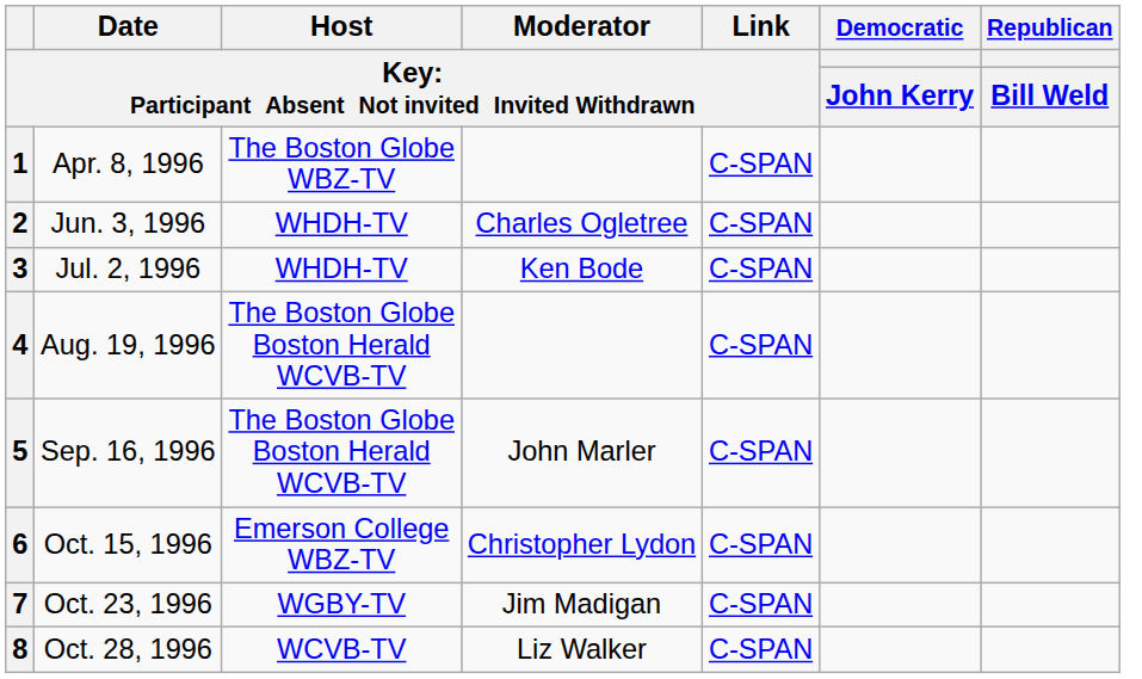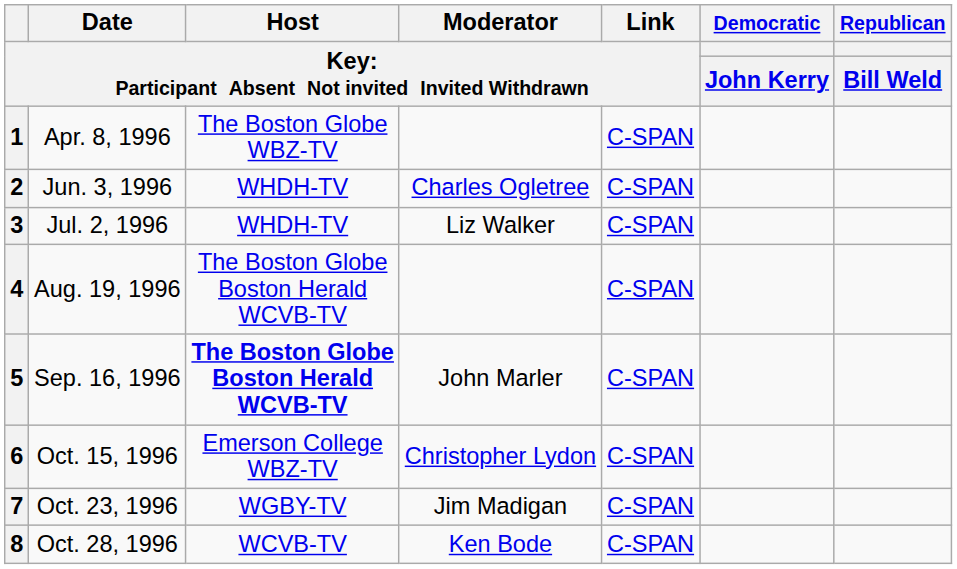 <table class="wikitable" style="text-align:center;">
 <tr>
 <th scope="col"></th>
 <th scope="col">Date</th>
 <th scope="col">Host</th>
 <th scope="col">Moderator</th>
 <th scope="col">Link</th>
 <th scope="col"><small><a href='#'>Democratic</a></small></th>
 <th scope="col"><small><a href='#'>Republican</a></small></th>
 </tr>
 <tr>
 <th colspan="5" rowspan="2">Key:<br> <small>Participant </small>  <small>Absent </small>  <small>Not invited </small>  <small>Invited  Withdrawn</small></th>
 <th scope="col" style="background:"></th>
 <th scope="col" style="background:"></th>
 </tr>
 <tr>
 <th scope="col"><a href='#'>John Kerry</a></th>
 <th scope="col"><a href='#'>Bill Weld</a></th>
 </tr>
 <tr>
 <th>1</th>
 <td style="white-space:nowrap;">Apr. 8, 1996</td>
 <td style="white-space:nowrap;"><a href='#'>The Boston Globe</a><br><a href='#'>WBZ-TV</a></td>
 <td style="white-space:nowrap;"></td>
 <td style="white-space:nowrap;"><a href='#'>C-SPAN</a></td>
 <td></td>
 <td></td>
 </tr>
 <tr>
 <th>2</th>
 <td style="white-space:nowrap;">Jun. 3, 1996</td>
 <td style="white-space:nowrap;"><a href='#'>WHDH-TV</a></td>
 <td style="white-space:nowrap;"><a href='#'>Charles Ogletree</a></td>
 <td style="white-space:nowrap;"><a href='#'>C-SPAN</a></td>
 <td></td>
 <td></td>
 </tr>
 <tr>
 <th>3</th>
 <td style="white-space:nowrap;">Jul. 2, 1996</td>
 <td style="white-space:nowrap;"><a href='#'>WHDH-TV</a></td>
-<td style="white-space:nowrap;"><a href='#'>Ken Bode</a></td>
+<td style="white-space:nowrap;">Liz Walker</td>
 <td style="white-space:nowrap;"><a href='#'>C-SPAN</a></td>
 <td></td>
 <td></td>
 </tr>
 <tr>
 <th>4</th>
 <td style="white-space:nowrap;">Aug. 19, 1996</td>
 <td style="white-space:nowrap;"><a href='#'>The Boston Globe</a><br><a href='#'>Boston Herald</a><br><a href='#'>WCVB-TV</a></td>
 <td style="white-space:nowrap;"></td>
 <td style="white-space:nowrap;"><a href='#'>C-SPAN</a></td>
 <td></td>
 <td></td>
 </tr>
 <tr>
 <th>5</th>
 <td style="white-space:nowrap;">Sep. 16, 1996</td>
-<td style="white-space:nowrap;"><a href='#'>The Boston Globe</a><br><a href='#'>Boston Herald</a><br><a href='#'>WCVB-TV</a></td>
+<td style="white-space:nowrap;"><strong><a href='#'>The Boston Globe</a><br><a href='#'>Boston Herald</a><br><a href='#'>WCVB-TV</a></strong></td>
 <td style="white-space:nowrap;">John Marler</td>
 <td style="white-space:nowrap;"><a href='#'>C-SPAN</a></td>
 <td></td>
 <td></td>
 </tr>
 <tr>
 <th>6</th>
 <td style="white-space:nowrap;">Oct. 15, 1996</td>
 <td style="white-space:nowrap;"><a href='#'>Emerson College</a><br><a href='#'>WBZ-TV</a></td>
 <td style="white-space:nowrap;"><a href='#'>Christopher Lydon</a></td>
 <td style="white-space:nowrap;"><a href='#'>C-SPAN</a></td>
 <td></td>
 <td></td>
 </tr>
 <tr>
 <th>7</th>
 <td style="white-space:nowrap;">Oct. 23, 1996</td>
 <td style="white-space:nowrap;"><a href='#'>WGBY-TV</a></td>
 <td style="white-space:nowrap;">Jim Madigan</td>
 <td style="white-space:nowrap;"><a href='#'>C-SPAN</a></td>
 <td></td>
 <td></td>
 </tr>
 <tr>
 <th>8</th>
 <td style="white-space:nowrap;">Oct. 28, 1996</td>
 <td style="white-space:nowrap;"><a href='#'>WCVB-TV</a></td>
-<td style="white-space:nowrap;">Liz Walker</td>
+<td style="white-space:nowrap;"><a href='#'>Ken Bode</a></td>
 <td style="white-space:nowrap;"><a href='#'>C-SPAN</a></td>
 <td></td>
 <td></td>
 </tr>
 </table>
